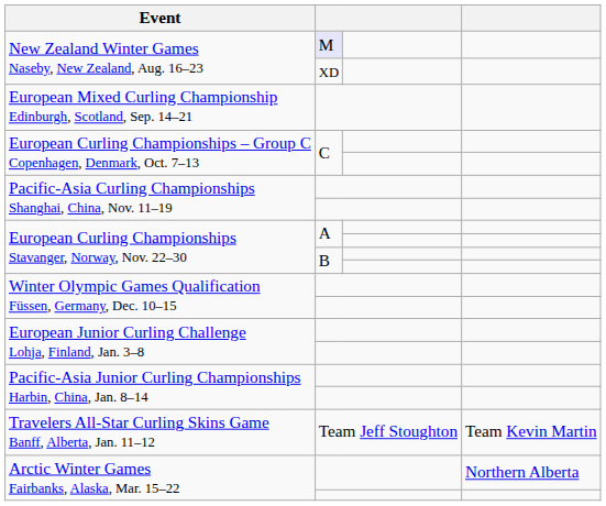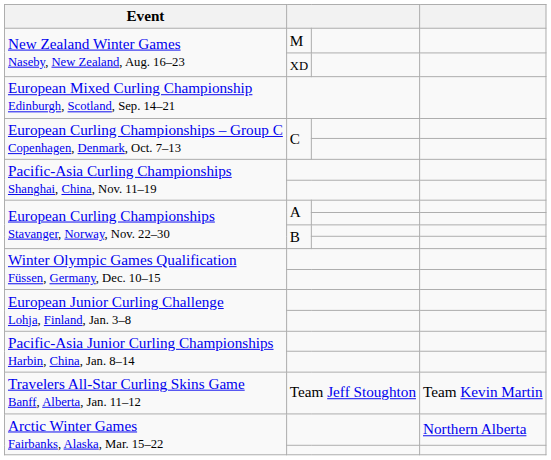 <table class="wikitable">
 <tr>
 <th>Event</th>
 <th colspan=2></th>
 <th></th>
 </tr>
 <tr>
 <td rowspan=2><a href='#'>New Zealand Winter Games</a> <br> <small><a href='#'>Naseby</a>, <a href='#'>New Zealand</a>, Aug. 16–23</small></td>
-<td width=5 style="background: lavender;">M</td>
+<td width=5>M</td>
 <td></td>
 <td></td>
 </tr>
 <tr>
 <td><small>XD</small></td>
 <td></td>
 <td></td>
 </tr>
 <tr>
 <td><a href='#'>European Mixed Curling Championship</a> <br> <small><a href='#'>Edinburgh</a>, <a href='#'>Scotland</a>, Sep. 14–21</small></td>
 <td colspan=2></td>
 <td></td>
 </tr>
 <tr>
 <td rowspan=2><a href='#'>European Curling Championships – Group C</a> <br> <small><a href='#'>Copenhagen</a>, <a href='#'>Denmark</a>, Oct. 7–13</small></td>
 <td rowspan=2 width=5>C</td>
 <td></td>
 <td></td>
 </tr>
 <tr>
 <td></td>
 <td></td>
 </tr>
 <tr>
 <td rowspan=2><a href='#'>Pacific-Asia Curling Championships</a> <br> <small><a href='#'>Shanghai</a>, <a href='#'>China</a>, Nov. 11–19</small></td>
 <td colspan=2></td>
 <td></td>
 </tr>
 <tr>
 <td colspan=2></td>
 <td></td>
 </tr>
 <tr>
 <td rowspan=4><a href='#'>European Curling Championships</a> <br> <small><a href='#'>Stavanger</a>, <a href='#'>Norway</a>, Nov. 22–30</small></td>
 <td rowspan=2 width=5>A</td>
 <td></td>
 <td></td>
 </tr>
 <tr>
 <td></td>
 <td></td>
 </tr>
 <tr>
 <td rowspan=2>B</td>
 <td></td>
 <td></td>
 </tr>
 <tr>
 <td></td>
 <td></td>
 </tr>
 <tr>
 <td rowspan=2><a href='#'>Winter Olympic Games Qualification</a> <br> <small><a href='#'>Füssen</a>, <a href='#'>Germany</a>, Dec. 10–15</small></td>
 <td colspan=2></td>
 <td></td>
 </tr>
 <tr>
 <td colspan=2></td>
 <td></td>
 </tr>
 <tr>
 <td rowspan=2><a href='#'>European Junior Curling Challenge</a> <br> <small><a href='#'>Lohja</a>, <a href='#'>Finland</a>, Jan. 3–8</small></td>
 <td colspan=2></td>
 <td></td>
 </tr>
 <tr>
 <td colspan=2></td>
 <td></td>
 </tr>
 <tr>
 <td rowspan=2><a href='#'>Pacific-Asia Junior Curling Championships</a> <br> <small><a href='#'>Harbin</a>, <a href='#'>China</a>, Jan. 8–14</small></td>
 <td colspan=2></td>
 <td></td>
 </tr>
 <tr>
 <td colspan=2></td>
 <td></td>
 </tr>
 <tr>
 <td><a href='#'>Travelers All-Star Curling Skins Game</a> <br> <small><a href='#'>Banff</a>, <a href='#'>Alberta</a>, Jan. 11–12</small></td>
 <td colspan=2>Team <a href='#'>Jeff Stoughton</a></td>
 <td>Team <a href='#'>Kevin Martin</a></td>
 </tr>
 <tr>
 <td rowspan=2><a href='#'>Arctic Winter Games</a> <br> <small><a href='#'>Fairbanks</a>, <a href='#'>Alaska</a>, Mar. 15–22</small></td>
 <td colspan=2></td>
 <td> <a href='#'>Northern Alberta</a></td>
 </tr>
 <tr>
 <td colspan=2></td>
 <td></td>
 </tr>
 </table>
